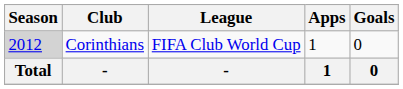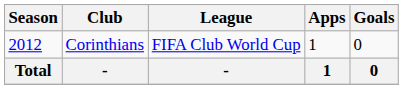 <table class="wikitable">
 <tr>
 <th>Season</th>
 <th>Club</th>
 <th>League</th>
 <th>Apps</th>
 <th>Goals</th>
 </tr>
 <tr>
-<td style="background: lightgrey;"><a href='#'>2012</a></td>
+<td><a href='#'>2012</a></td>
 <td rowspan=1><a href='#'>Corinthians</a></td>
 <td rowspan=1><a href='#'>FIFA Club World Cup</a></td>
 <td>1</td>
 <td>0</td>
 </tr>
 <tr>
 <th>Total</th>
 <th>-</th>
 <th>-</th>
 <th>1</th>
 <th>0</th>
 </tr>
 <tr>
 </tr>
 </table>
